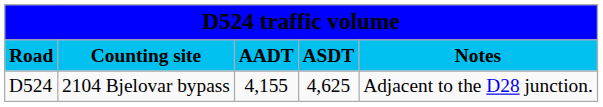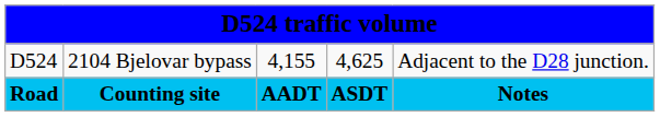 <table class="wikitable">
 <tr>
 <td colspan=5 bgcolor=blue align=center style=margin-top:15><span><big><strong>D524 traffic volume</strong></big></span></td>
+</tr>
+<tr>
+<td> D524</td>
+<td>2104 Bjelovar bypass</td>
+<td align=center>4,155</td>
+<td align=center>4,625</td>
+<td>Adjacent to the <a href='#'>D28</a> junction.</td>
 </tr>
 <tr>
 <td align=center bgcolor=00c0f0><strong>Road</strong></td>
 <td align=center bgcolor=00c0f0><strong>Counting site</strong></td>
 <td align=center bgcolor=00c0f0><strong>AADT</strong></td>
 <td align=center bgcolor=00c0f0><strong>ASDT</strong></td>
 <td align=center bgcolor=00c0f0><strong>Notes</strong></td>
 </tr>
-<tr>
-<td> D524</td>
-<td>2104 Bjelovar bypass</td>
-<td align=center>4,155</td>
-<td align=center>4,625</td>
-<td>Adjacent to the <a href='#'>D28</a> junction.</td>
-</tr>
 </table>
